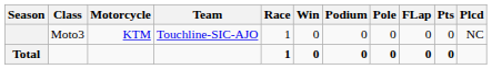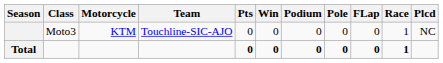 <table class="wikitable" style=text-align:right>
 <tr>
 <th>Season</th>
 <th>Class</th>
 <th>Motorcycle</th>
 <th>Team</th>
-<th>Race</th>
+<th>Pts</th>
 <th>Win</th>
 <th>Podium</th>
 <th>Pole</th>
 <th>FLap</th>
-<th>Pts</th>
+<th>Race</th>
 <th>Plcd</th>
 </tr>
 <tr>
 <th></th>
 <td>Moto3</td>
 <td><a href='#'>KTM</a></td>
 <td><a href='#'>Touchline-SIC-AJO</a></td>
-<td>1</td>
 <td>0</td>
 <td>0</td>
 <td>0</td>
 <td>0</td>
 <td>0</td>
+<td>1</td>
 <td>NC</td>
 </tr>
 <tr>
 <th>Total</th>
 <td></td>
 <td></td>
 <td></td>
-<td><strong>1</strong></td>
 <td><strong>0</strong></td>
 <td><strong>0</strong></td>
 <td><strong>0</strong></td>
 <td><strong>0</strong></td>
 <td><strong>0</strong></td>
+<td><strong>1</strong></td>
 <td></td>
 </tr>
 </table>
